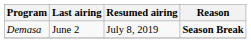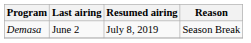 <table class="wikitable">
 <tr>
 <th>Program</th>
 <th>Last airing</th>
 <th>Resumed airing</th>
 <th>Reason</th>
 </tr>
 <tr>
 <td><em>Demasa</em></td>
 <td>June 2</td>
 <td>July 8, 2019</td>
-<td><strong>Season Break</strong></td>
+<td>Season Break</td>
 </tr>
 <tr>
 </tr>
 </table>
